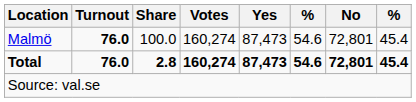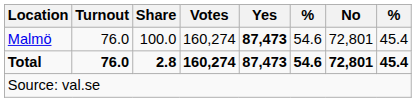 <table class="wikitable sortable" style=text-align:right>
 <tr>
 <th>Location</th>
 <th>Turnout</th>
 <th>Share</th>
 <th>Votes</th>
 <th>Yes</th>
 <th>%</th>
 <th>No</th>
 <th>%</th>
 </tr>
 <tr>
 <td align=left><a href='#'>Malmö</a></td>
-<td><strong>76.0</strong></td>
+<td>76.0</td>
 <td>100.0</td>
 <td>160,274</td>
-<td>87,473</td>
+<td><strong>87,473</strong></td>
 <td>54.6</td>
 <td>72,801</td>
 <td>45.4</td>
 </tr>
 <tr>
 <td align=left><strong>Total</strong></td>
 <td><strong>76.0</strong></td>
 <td><strong>2.8</strong></td>
 <td><strong>160,274</strong></td>
 <td><strong>87,473</strong></td>
 <td><strong>54.6</strong></td>
 <td><strong>72,801</strong></td>
 <td><strong>45.4</strong></td>
 </tr>
 <tr>
 <td align=left colspan=8>Source: val.se </td>
 </tr>
 </table>
